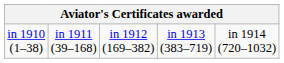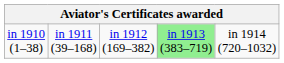 <table class="wikitable">
 <tr>
 <th colspan=5>Aviator's Certificates awarded</th>
 </tr>
 <tr>
 <td align="center"><a href='#'>in 1910</a><br>(1–38)</td>
 <td align="center"><a href='#'>in 1911</a><br>(39–168)</td>
 <td align="center"><a href='#'>in 1912</a><br>(169–382)</td>
-<td align="center"><a href='#'>in 1913</a><br>(383–719)</td>
+<td align="center" style="background: lightgreen;"><a href='#'>in 1913</a><br>(383–719)</td>
 <td align="center">in 1914<br>(720–1032)</td>
 </tr>
 </table>
